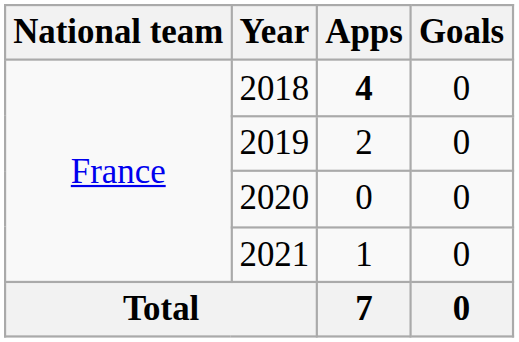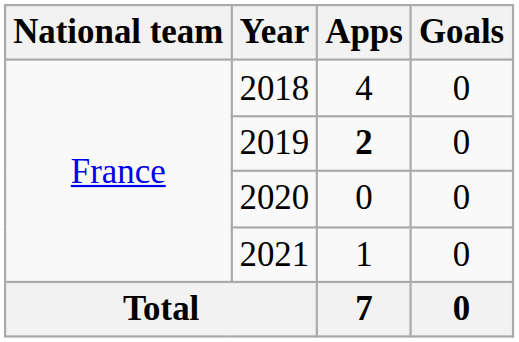 <table class=wikitable style=text-align:center>
 <tr>
 <th>National team</th>
 <th>Year</th>
 <th>Apps</th>
 <th>Goals</th>
 </tr>
 <tr>
 <td rowspan=4><a href='#'>France</a></td>
 <td>2018</td>
-<td><strong>4</strong></td>
+<td>4</td>
 <td>0</td>
 </tr>
 <tr>
 <td>2019</td>
-<td>2</td>
+<td><strong>2</strong></td>
 <td>0</td>
 </tr>
 <tr>
 <td>2020</td>
 <td>0</td>
 <td>0</td>
 </tr>
 <tr>
 <td>2021</td>
 <td>1</td>
 <td>0</td>
 </tr>
 <tr>
 <th colspan=2>Total</th>
 <th>7</th>
 <th>0</th>
 </tr>
 </table>
